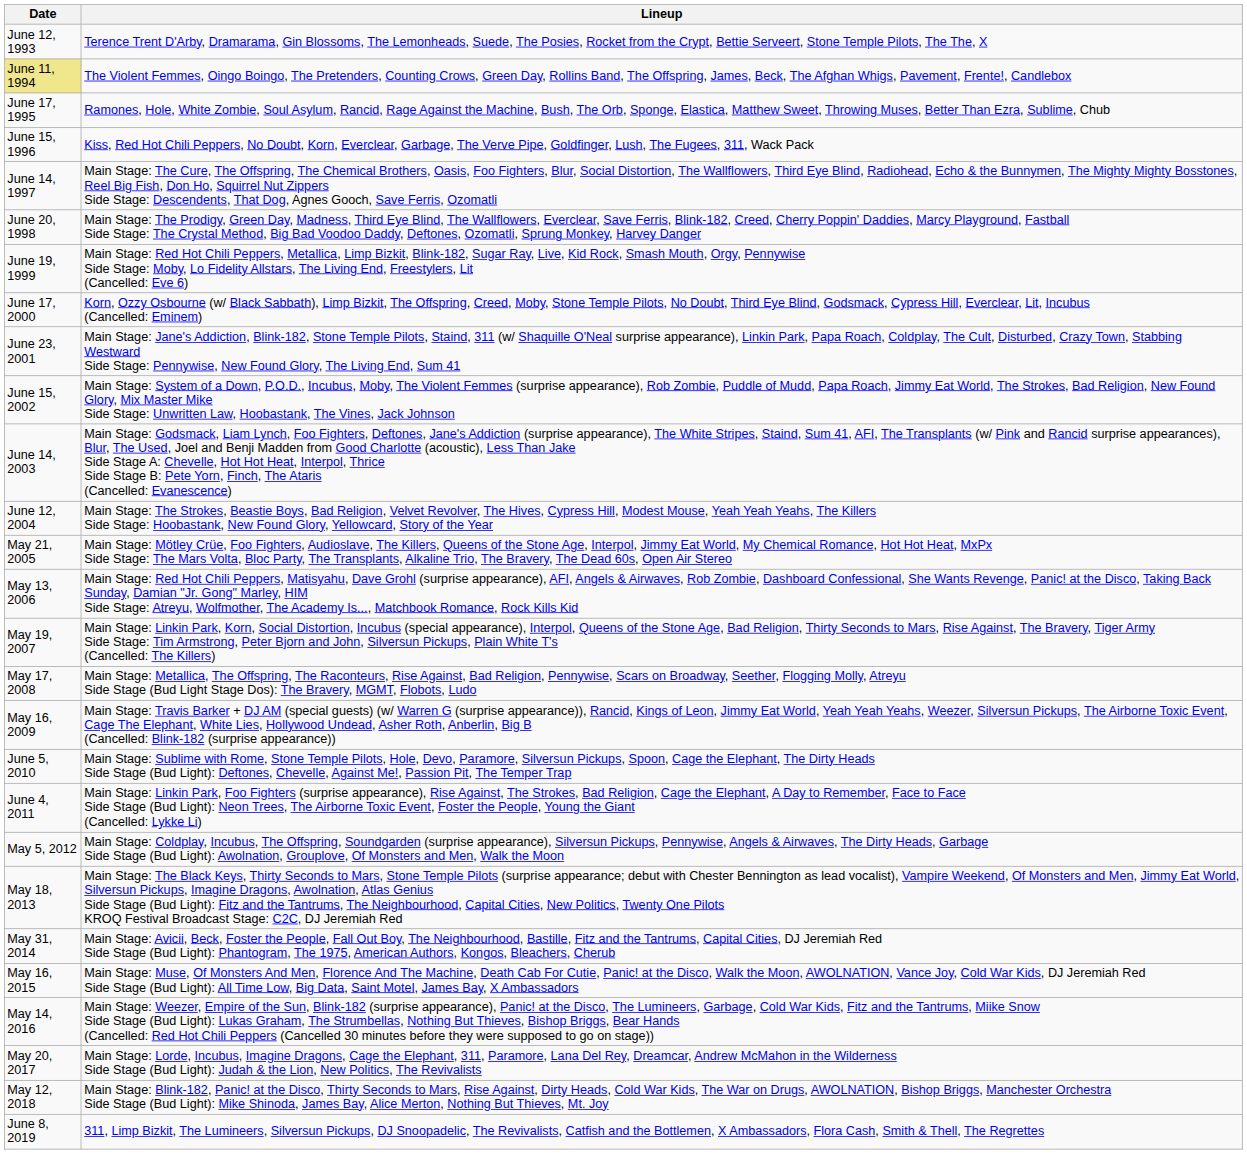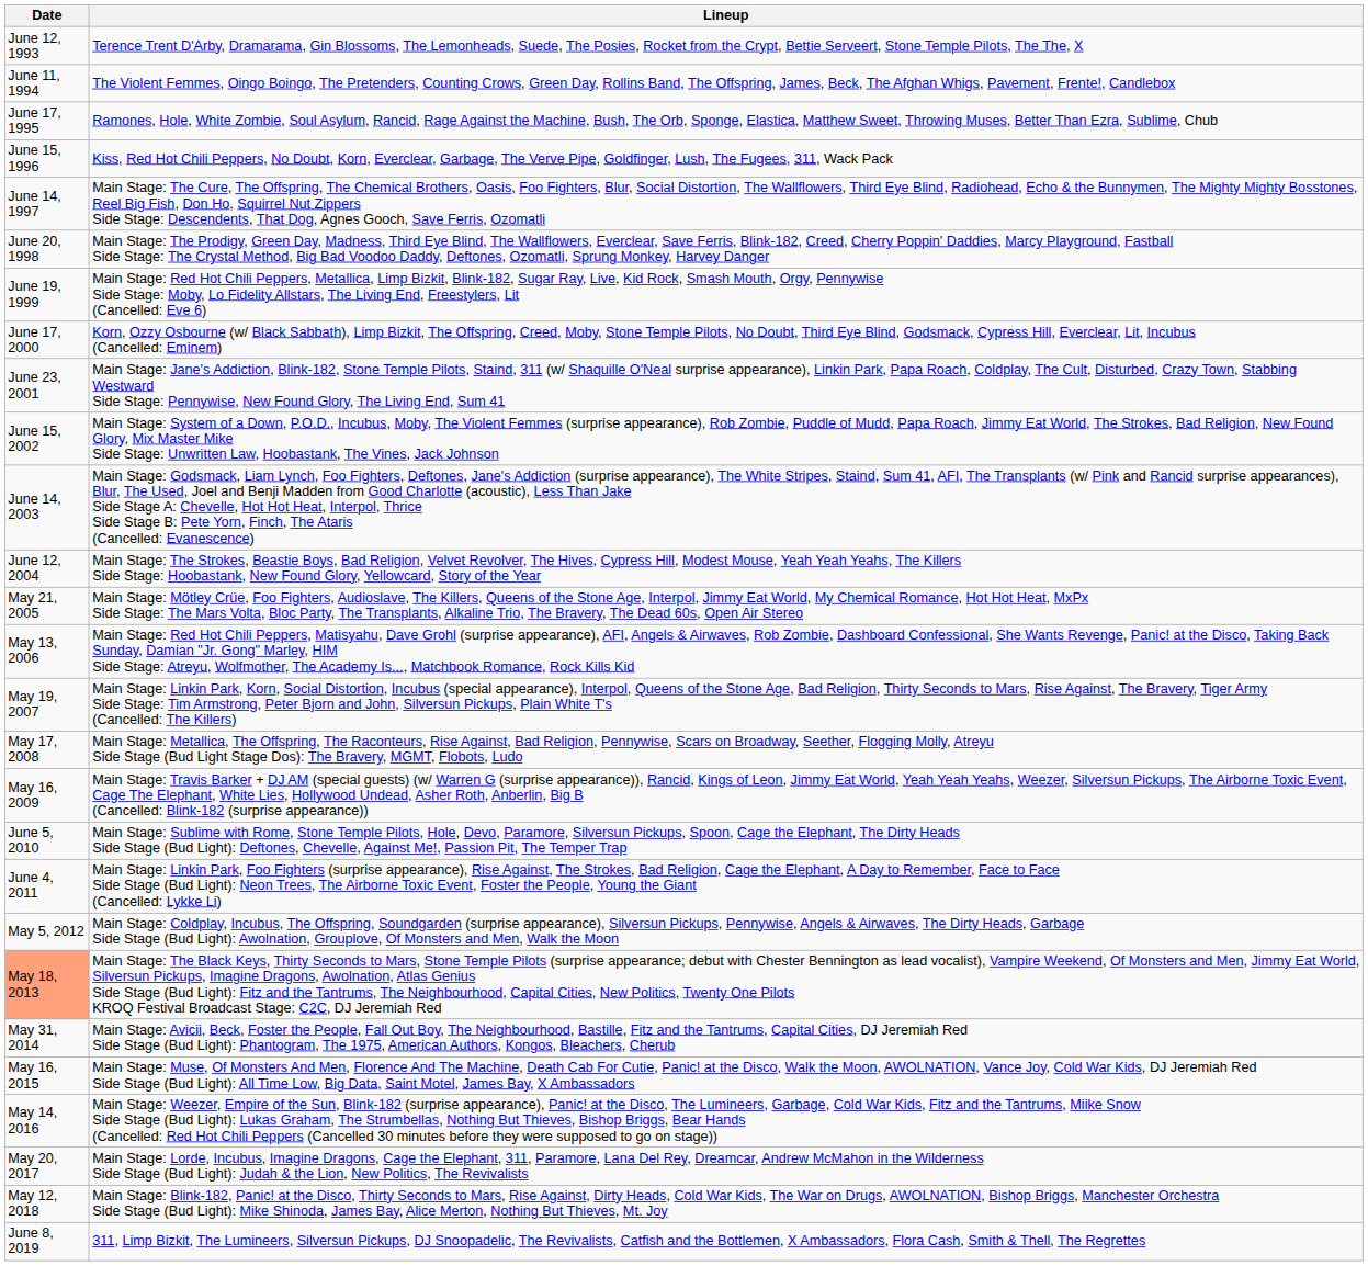 <table class="wikitable">
 <tr>
 <th width=90px>Date</th>
 <th colspan="10">Lineup</th>
 </tr>
 <tr>
 <td>June 12, 1993</td>
 <td colspan="10"><a href='#'>Terence Trent D'Arby</a>, <a href='#'>Dramarama</a>, <a href='#'>Gin Blossoms</a>, <a href='#'>The Lemonheads</a>, <a href='#'>Suede</a>, <a href='#'>The Posies</a>, <a href='#'>Rocket from the Crypt</a>, <a href='#'>Bettie Serveert</a>, <a href='#'>Stone Temple Pilots</a>, <a href='#'>The The</a>, <a href='#'>X</a></td>
 </tr>
 <tr>
-<td style="background: khaki;">June 11, 1994</td>
+<td>June 11, 1994</td>
 <td colspan="10"><a href='#'>The Violent Femmes</a>, <a href='#'>Oingo Boingo</a>, <a href='#'>The Pretenders</a>, <a href='#'>Counting Crows</a>, <a href='#'>Green Day</a>, <a href='#'>Rollins Band</a>, <a href='#'>The Offspring</a>, <a href='#'>James</a>, <a href='#'>Beck</a>, <a href='#'>The Afghan Whigs</a>, <a href='#'>Pavement</a>, <a href='#'>Frente!</a>, <a href='#'>Candlebox</a></td>
 </tr>
 <tr>
 <td>June 17, 1995</td>
 <td colspan="10"><a href='#'>Ramones</a>, <a href='#'>Hole</a>, <a href='#'>White Zombie</a>, <a href='#'>Soul Asylum</a>, <a href='#'>Rancid</a>, <a href='#'>Rage Against the Machine</a>, <a href='#'>Bush</a>, <a href='#'>The Orb</a>, <a href='#'>Sponge</a>, <a href='#'>Elastica</a>, <a href='#'>Matthew Sweet</a>, <a href='#'>Throwing Muses</a>, <a href='#'>Better Than Ezra</a>, <a href='#'>Sublime</a>, Chub</td>
 </tr>
 <tr>
 <td>June 15, 1996</td>
 <td colspan="10"><a href='#'>Kiss</a>, <a href='#'>Red Hot Chili Peppers</a>, <a href='#'>No Doubt</a>, <a href='#'>Korn</a>, <a href='#'>Everclear</a>, <a href='#'>Garbage</a>, <a href='#'>The Verve Pipe</a>, <a href='#'>Goldfinger</a>, <a href='#'>Lush</a>, <a href='#'>The Fugees</a>, <a href='#'>311</a>, Wack Pack</td>
 </tr>
 <tr>
 <td>June 14, 1997</td>
 <td colspan="10">Main Stage: <a href='#'>The Cure</a>, <a href='#'>The Offspring</a>, <a href='#'>The Chemical Brothers</a>, <a href='#'>Oasis</a>, <a href='#'>Foo Fighters</a>, <a href='#'>Blur</a>, <a href='#'>Social Distortion</a>, <a href='#'>The Wallflowers</a>, <a href='#'>Third Eye Blind</a>, <a href='#'>Radiohead</a>, <a href='#'>Echo & the Bunnymen</a>, <a href='#'>The Mighty Mighty Bosstones</a>, <a href='#'>Reel Big Fish</a>, <a href='#'>Don Ho</a>, <a href='#'>Squirrel Nut Zippers</a><br>Side Stage: <a href='#'>Descendents</a>, <a href='#'>That Dog</a>, Agnes Gooch, <a href='#'>Save Ferris</a>, <a href='#'>Ozomatli</a></td>
 </tr>
 <tr>
 <td>June 20, 1998</td>
 <td colspan="10">Main Stage: <a href='#'>The Prodigy</a>, <a href='#'>Green Day</a>, <a href='#'>Madness</a>, <a href='#'>Third Eye Blind</a>, <a href='#'>The Wallflowers</a>, <a href='#'>Everclear</a>, <a href='#'>Save Ferris</a>, <a href='#'>Blink-182</a>, <a href='#'>Creed</a>, <a href='#'>Cherry Poppin' Daddies</a>, <a href='#'>Marcy Playground</a>, <a href='#'>Fastball</a><br>Side Stage: <a href='#'>The Crystal Method</a>, <a href='#'>Big Bad Voodoo Daddy</a>, <a href='#'>Deftones</a>, <a href='#'>Ozomatli</a>, <a href='#'>Sprung Monkey</a>, <a href='#'>Harvey Danger</a></td>
 </tr>
 <tr>
 <td>June 19, 1999</td>
 <td colspan="10">Main Stage: <a href='#'>Red Hot Chili Peppers</a>, <a href='#'>Metallica</a>, <a href='#'>Limp Bizkit</a>, <a href='#'>Blink-182</a>, <a href='#'>Sugar Ray</a>, <a href='#'>Live</a>, <a href='#'>Kid Rock</a>, <a href='#'>Smash Mouth</a>, <a href='#'>Orgy</a>, <a href='#'>Pennywise</a><br>Side Stage: <a href='#'>Moby</a>, <a href='#'>Lo Fidelity Allstars</a>, <a href='#'>The Living End</a>, <a href='#'>Freestylers</a>, <a href='#'>Lit</a><br>(Cancelled: <a href='#'>Eve 6</a>)</td>
 </tr>
 <tr>
 <td>June 17, 2000</td>
 <td colspan="10"><a href='#'>Korn</a>, <a href='#'>Ozzy Osbourne</a> (w/ <a href='#'>Black Sabbath</a>), <a href='#'>Limp Bizkit</a>, <a href='#'>The Offspring</a>, <a href='#'>Creed</a>, <a href='#'>Moby</a>, <a href='#'>Stone Temple Pilots</a>, <a href='#'>No Doubt</a>, <a href='#'>Third Eye Blind</a>, <a href='#'>Godsmack</a>, <a href='#'>Cypress Hill</a>, <a href='#'>Everclear</a>, <a href='#'>Lit</a>, <a href='#'>Incubus</a><br>(Cancelled: <a href='#'>Eminem</a>)</td>
 </tr>
 <tr>
 <td>June 23, 2001</td>
 <td colspan="10">Main Stage: <a href='#'>Jane's Addiction</a>, <a href='#'>Blink-182</a>, <a href='#'>Stone Temple Pilots</a>, <a href='#'>Staind</a>, <a href='#'>311</a> (w/ <a href='#'>Shaquille O'Neal</a> surprise appearance), <a href='#'>Linkin Park</a>, <a href='#'>Papa Roach</a>, <a href='#'>Coldplay</a>, <a href='#'>The Cult</a>, <a href='#'>Disturbed</a>, <a href='#'>Crazy Town</a>, <a href='#'>Stabbing Westward</a><br>Side Stage: <a href='#'>Pennywise</a>, <a href='#'>New Found Glory</a>, <a href='#'>The Living End</a>, <a href='#'>Sum 41</a></td>
 </tr>
 <tr>
 <td>June 15, 2002</td>
 <td colspan="10">Main Stage: <a href='#'>System of a Down</a>, <a href='#'>P.O.D.</a>, <a href='#'>Incubus</a>, <a href='#'>Moby</a>, <a href='#'>The Violent Femmes</a> (surprise appearance), <a href='#'>Rob Zombie</a>, <a href='#'>Puddle of Mudd</a>, <a href='#'>Papa Roach</a>, <a href='#'>Jimmy Eat World</a>, <a href='#'>The Strokes</a>, <a href='#'>Bad Religion</a>, <a href='#'>New Found Glory</a>, <a href='#'>Mix Master Mike</a><br>Side Stage: <a href='#'>Unwritten Law</a>, <a href='#'>Hoobastank</a>, <a href='#'>The Vines</a>, <a href='#'>Jack Johnson</a></td>
 </tr>
 <tr>
 <td>June 14, 2003</td>
 <td colspan="10">Main Stage: <a href='#'>Godsmack</a>, <a href='#'>Liam Lynch</a>, <a href='#'>Foo Fighters</a>, <a href='#'>Deftones</a>, <a href='#'>Jane's Addiction</a> (surprise appearance), <a href='#'>The White Stripes</a>, <a href='#'>Staind</a>, <a href='#'>Sum 41</a>, <a href='#'>AFI</a>, <a href='#'>The Transplants</a> (w/ <a href='#'>Pink</a> and <a href='#'>Rancid</a> surprise appearances), <a href='#'>Blur</a>, <a href='#'>The Used</a>, Joel and Benji Madden from <a href='#'>Good Charlotte</a> (acoustic), <a href='#'>Less Than Jake</a><br>Side Stage A: <a href='#'>Chevelle</a>, <a href='#'>Hot Hot Heat</a>, <a href='#'>Interpol</a>, <a href='#'>Thrice</a><br>Side Stage B: <a href='#'>Pete Yorn</a>, <a href='#'>Finch</a>, <a href='#'>The Ataris</a><br>(Cancelled: <a href='#'>Evanescence</a>)</td>
 </tr>
 <tr>
 <td>June 12, 2004</td>
 <td colspan="10">Main Stage: <a href='#'>The Strokes</a>, <a href='#'>Beastie Boys</a>, <a href='#'>Bad Religion</a>, <a href='#'>Velvet Revolver</a>, <a href='#'>The Hives</a>, <a href='#'>Cypress Hill</a>, <a href='#'>Modest Mouse</a>, <a href='#'>Yeah Yeah Yeahs</a>, <a href='#'>The Killers</a><br>Side Stage: <a href='#'>Hoobastank</a>, <a href='#'>New Found Glory</a>, <a href='#'>Yellowcard</a>, <a href='#'>Story of the Year</a></td>
 </tr>
 <tr>
 <td>May 21, 2005</td>
 <td colspan="10">Main Stage: <a href='#'>Mötley Crüe</a>, <a href='#'>Foo Fighters</a>, <a href='#'>Audioslave</a>, <a href='#'>The Killers</a>, <a href='#'>Queens of the Stone Age</a>, <a href='#'>Interpol</a>, <a href='#'>Jimmy Eat World</a>, <a href='#'>My Chemical Romance</a>, <a href='#'>Hot Hot Heat</a>, <a href='#'>MxPx</a><br>Side Stage: <a href='#'>The Mars Volta</a>, <a href='#'>Bloc Party</a>, <a href='#'>The Transplants</a>, <a href='#'>Alkaline Trio</a>, <a href='#'>The Bravery</a>, <a href='#'>The Dead 60s</a>, <a href='#'>Open Air Stereo</a></td>
 </tr>
 <tr>
 <td>May 13, 2006</td>
 <td colspan="10">Main Stage: <a href='#'>Red Hot Chili Peppers</a>, <a href='#'>Matisyahu</a>, <a href='#'>Dave Grohl</a> (surprise appearance), <a href='#'>AFI</a>, <a href='#'>Angels & Airwaves</a>, <a href='#'>Rob Zombie</a>, <a href='#'>Dashboard Confessional</a>, <a href='#'>She Wants Revenge</a>, <a href='#'>Panic! at the Disco</a>, <a href='#'>Taking Back Sunday</a>, <a href='#'>Damian "Jr. Gong" Marley</a>, <a href='#'>HIM</a><br>Side Stage: <a href='#'>Atreyu</a>, <a href='#'>Wolfmother</a>, <a href='#'>The Academy Is...</a>, <a href='#'>Matchbook Romance</a>, <a href='#'>Rock Kills Kid</a></td>
 </tr>
 <tr>
 <td>May 19, 2007</td>
 <td colspan="10">Main Stage: <a href='#'>Linkin Park</a>, <a href='#'>Korn</a>, <a href='#'>Social Distortion</a>, <a href='#'>Incubus</a> (special appearance), <a href='#'>Interpol</a>, <a href='#'>Queens of the Stone Age</a>, <a href='#'>Bad Religion</a>, <a href='#'>Thirty Seconds to Mars</a>, <a href='#'>Rise Against</a>, <a href='#'>The Bravery</a>, <a href='#'>Tiger Army</a><br>Side Stage: <a href='#'>Tim Armstrong</a>, <a href='#'>Peter Bjorn and John</a>, <a href='#'>Silversun Pickups</a>, <a href='#'>Plain White T's</a><br>(Cancelled: <a href='#'>The Killers</a>)</td>
 </tr>
 <tr>
 <td>May 17, 2008</td>
 <td colspan="10">Main Stage: <a href='#'>Metallica</a>, <a href='#'>The Offspring</a>, <a href='#'>The Raconteurs</a>, <a href='#'>Rise Against</a>, <a href='#'>Bad Religion</a>, <a href='#'>Pennywise</a>, <a href='#'>Scars on Broadway</a>, <a href='#'>Seether</a>, <a href='#'>Flogging Molly</a>, <a href='#'>Atreyu</a><br>Side Stage (Bud Light Stage Dos): <a href='#'>The Bravery</a>, <a href='#'>MGMT</a>, <a href='#'>Flobots</a>, <a href='#'>Ludo</a></td>
 </tr>
 <tr>
 <td>May 16, 2009</td>
 <td colspan="10">Main Stage: <a href='#'>Travis Barker</a> + <a href='#'>DJ AM</a> (special guests) (w/ <a href='#'>Warren G</a> (surprise appearance)), <a href='#'>Rancid</a>, <a href='#'>Kings of Leon</a>, <a href='#'>Jimmy Eat World</a>, <a href='#'>Yeah Yeah Yeahs</a>, <a href='#'>Weezer</a>, <a href='#'>Silversun Pickups</a>, <a href='#'>The Airborne Toxic Event</a>, <a href='#'>Cage The Elephant</a>, <a href='#'>White Lies</a>, <a href='#'>Hollywood Undead</a>, <a href='#'>Asher Roth</a>, <a href='#'>Anberlin</a>, <a href='#'>Big B</a><br>(Cancelled: <a href='#'>Blink-182</a> (surprise appearance))</td>
 </tr>
 <tr>
 <td>June 5, 2010</td>
 <td colspan="10">Main Stage: <a href='#'>Sublime with Rome</a>, <a href='#'>Stone Temple Pilots</a>, <a href='#'>Hole</a>, <a href='#'>Devo</a>, <a href='#'>Paramore</a>, <a href='#'>Silversun Pickups</a>, <a href='#'>Spoon</a>, <a href='#'>Cage the Elephant</a>, <a href='#'>The Dirty Heads</a><br>Side Stage (Bud Light): <a href='#'>Deftones</a>, <a href='#'>Chevelle</a>, <a href='#'>Against Me!</a>, <a href='#'>Passion Pit</a>, <a href='#'>The Temper Trap</a></td>
 </tr>
 <tr>
 <td>June 4, 2011</td>
 <td colspan="10">Main Stage: <a href='#'>Linkin Park</a>, <a href='#'>Foo Fighters</a> (surprise appearance), <a href='#'>Rise Against</a>, <a href='#'>The Strokes</a>, <a href='#'>Bad Religion</a>, <a href='#'>Cage the Elephant</a>, <a href='#'>A Day to Remember</a>, <a href='#'>Face to Face</a><br>Side Stage (Bud Light): <a href='#'>Neon Trees</a>, <a href='#'>The Airborne Toxic Event</a>, <a href='#'>Foster the People</a>, <a href='#'>Young the Giant</a><br>(Cancelled: <a href='#'>Lykke Li</a>)</td>
 </tr>
 <tr>
 <td>May 5, 2012</td>
 <td colspan="10">Main Stage: <a href='#'>Coldplay</a>, <a href='#'>Incubus</a>, <a href='#'>The Offspring</a>, <a href='#'>Soundgarden</a> (surprise appearance), <a href='#'>Silversun Pickups</a>, <a href='#'>Pennywise</a>, <a href='#'>Angels & Airwaves</a>, <a href='#'>The Dirty Heads</a>, <a href='#'>Garbage</a><br>Side Stage (Bud Light): <a href='#'>Awolnation</a>, <a href='#'>Grouplove</a>, <a href='#'>Of Monsters and Men</a>, <a href='#'>Walk the Moon</a></td>
 </tr>
 <tr>
-<td>May 18, 2013</td>
+<td style="background: lightsalmon;">May 18, 2013</td>
 <td colspan="10">Main Stage: <a href='#'>The Black Keys</a>, <a href='#'>Thirty Seconds to Mars</a>, <a href='#'>Stone Temple Pilots</a> (surprise appearance; debut with Chester Bennington as lead vocalist), <a href='#'>Vampire Weekend</a>, <a href='#'>Of Monsters and Men</a>, <a href='#'>Jimmy Eat World</a>, <a href='#'>Silversun Pickups</a>, <a href='#'>Imagine Dragons</a>, <a href='#'>Awolnation</a>, <a href='#'>Atlas Genius</a><br>Side Stage (Bud Light): <a href='#'>Fitz and the Tantrums</a>, <a href='#'>The Neighbourhood</a>, <a href='#'>Capital Cities</a>, <a href='#'>New Politics</a>, <a href='#'>Twenty One Pilots</a><br>KROQ Festival Broadcast Stage: <a href='#'>C2C</a>, DJ Jeremiah Red</td>
 </tr>
 <tr>
 <td>May 31, 2014</td>
 <td colspan="10">Main Stage: <a href='#'>Avicii</a>, <a href='#'>Beck</a>, <a href='#'>Foster the People</a>, <a href='#'>Fall Out Boy</a>, <a href='#'>The Neighbourhood</a>, <a href='#'>Bastille</a>, <a href='#'>Fitz and the Tantrums</a>, <a href='#'>Capital Cities</a>, DJ Jeremiah Red<br>Side Stage (Bud Light): <a href='#'>Phantogram</a>, <a href='#'>The 1975</a>, <a href='#'>American Authors</a>, <a href='#'>Kongos</a>, <a href='#'>Bleachers</a>, <a href='#'>Cherub</a></td>
 </tr>
 <tr>
 <td>May 16, 2015</td>
 <td colspan="10">Main Stage: <a href='#'>Muse</a>, <a href='#'>Of Monsters And Men</a>, <a href='#'>Florence And The Machine</a>, <a href='#'>Death Cab For Cutie</a>, <a href='#'>Panic! at the Disco</a>, <a href='#'>Walk the Moon</a>, <a href='#'>AWOLNATION</a>, <a href='#'>Vance Joy</a>, <a href='#'>Cold War Kids</a>, DJ Jeremiah Red<br>Side Stage (Bud Light): <a href='#'>All Time Low</a>, <a href='#'>Big Data</a>, <a href='#'>Saint Motel</a>, <a href='#'>James Bay</a>, <a href='#'>X Ambassadors</a></td>
 </tr>
 <tr>
 <td>May 14, 2016</td>
 <td colspan="10">Main Stage: <a href='#'>Weezer</a>, <a href='#'>Empire of the Sun</a>, <a href='#'>Blink-182</a> (surprise appearance), <a href='#'>Panic! at the Disco</a>, <a href='#'>The Lumineers</a>, <a href='#'>Garbage</a>, <a href='#'>Cold War Kids</a>, <a href='#'>Fitz and the Tantrums</a>, <a href='#'>Miike Snow</a><br>Side Stage (Bud Light): <a href='#'>Lukas Graham</a>, <a href='#'>The Strumbellas</a>, <a href='#'>Nothing But Thieves</a>, <a href='#'>Bishop Briggs</a>, <a href='#'>Bear Hands</a><br>(Cancelled: <a href='#'>Red Hot Chili Peppers</a> (Cancelled 30 minutes before they were supposed to go on stage))</td>
 </tr>
 <tr>
 <td>May 20, 2017</td>
 <td>Main Stage: <a href='#'>Lorde</a>, <a href='#'>Incubus</a>, <a href='#'>Imagine Dragons</a>, <a href='#'>Cage the Elephant</a>, <a href='#'>311</a>, <a href='#'>Paramore</a>, <a href='#'>Lana Del Rey</a>, <a href='#'>Dreamcar</a>, <a href='#'>Andrew McMahon in the Wilderness</a><br>Side Stage (Bud Light): <a href='#'>Judah & the Lion</a>, <a href='#'>New Politics</a>, <a href='#'>The Revivalists</a></td>
 </tr>
 <tr>
 <td>May 12, 2018</td>
 <td>Main Stage: <a href='#'>Blink-182</a>, <a href='#'>Panic! at the Disco</a>, <a href='#'>Thirty Seconds to Mars</a>, <a href='#'>Rise Against</a>, <a href='#'>Dirty Heads</a>, <a href='#'>Cold War Kids</a>, <a href='#'>The War on Drugs</a>, <a href='#'>AWOLNATION</a>, <a href='#'>Bishop Briggs</a>, <a href='#'>Manchester Orchestra</a><br>Side Stage (Bud Light): <a href='#'>Mike Shinoda</a>, <a href='#'>James Bay</a>, <a href='#'>Alice Merton</a>, <a href='#'>Nothing But Thieves</a>, <a href='#'>Mt. Joy</a></td>
 </tr>
 <tr>
 <td>June 8, 2019</td>
 <td><a href='#'>311</a>, <a href='#'>Limp Bizkit</a>, <a href='#'>The Lumineers</a>, <a href='#'>Silversun Pickups</a>, <a href='#'>DJ Snoopadelic</a>, <a href='#'>The Revivalists</a>, <a href='#'>Catfish and the Bottlemen</a>, <a href='#'>X Ambassadors</a>, <a href='#'>Flora Cash</a>, <a href='#'>Smith & Thell</a>, <a href='#'>The Regrettes</a></td>
 </tr>
 </table>
